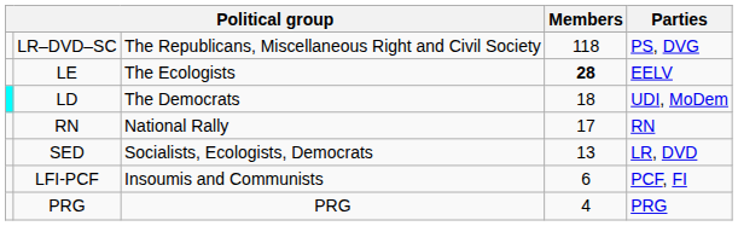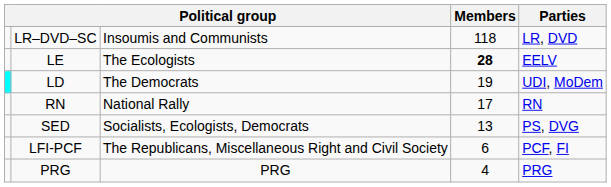 <table class="wikitable" style="font-size:95%;">
 <tr>
 <th colspan="3">Political group</th>
 <th>Members</th>
 <th>Parties</th>
 </tr>
 <tr>
 <td style="background:"></td>
 <td style="text-align:center;">LR–DVD–SC</td>
-<td>The Republicans, Miscellaneous Right and Civil Society</td>
+<td>Insoumis and Communists</td>
 <td style="text-align:center;">118</td>
-<td><a href='#'>PS</a>, <a href='#'>DVG</a></td>
+<td><a href='#'>LR</a>, <a href='#'>DVD</a></td>
 </tr>
 <tr>
 <td style="background:"></td>
 <td style="text-align:center;">LE</td>
 <td>The Ecologists</td>
 <td style="text-align:center;"><strong>28</strong></td>
 <td><a href='#'>EELV</a></td>
 </tr>
 <tr>
 <td style="background:#00FFFF;"></td>
 <td style="text-align:center;">LD</td>
 <td>The Democrats</td>
-<td style="text-align:center;">18</td>
+<td style="text-align:center;">19</td>
 <td><a href='#'>UDI</a>, <a href='#'>MoDem</a></td>
 </tr>
 <tr>
 <td style="background:"></td>
 <td style="text-align:center;">RN</td>
 <td>National Rally</td>
 <td style="text-align:center;">17</td>
 <td><a href='#'>RN</a></td>
 </tr>
 <tr>
 <td style="background:"></td>
 <td style="text-align:center;">SED</td>
 <td>Socialists, Ecologists, Democrats</td>
 <td style="text-align:center;">13</td>
-<td><a href='#'>LR</a>, <a href='#'>DVD</a></td>
+<td><a href='#'>PS</a>, <a href='#'>DVG</a></td>
 </tr>
 <tr>
 <td style="background:"></td>
 <td style="text-align:center;">LFI-PCF</td>
-<td>Insoumis and Communists</td>
+<td>The Republicans, Miscellaneous Right and Civil Society</td>
 <td style="text-align:center;">6</td>
 <td><a href='#'>PCF</a>, <a href='#'>FI</a></td>
 </tr>
 <tr>
 <td style="background:"></td>
 <td style="text-align:center;">PRG</td>
 <td style="text-align:center;">PRG</td>
 <td style="text-align:center;">4</td>
 <td><a href='#'>PRG</a></td>
 </tr>
 </table>
